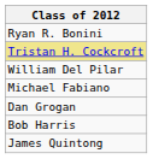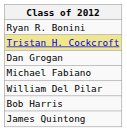 <table class="wikitable" border="1">
 <tr>
 <th>Class of 2012</th>
 </tr>
 <tr>
 <td>Ryan R. Bonini</td>
 </tr>
 <tr>
 <td style="background: khaki;"><a href='#'>Tristan H. Cockcroft</a></td>
 </tr>
 <tr>
-<td>William Del Pilar</td>
+<td>Dan Grogan</td>
 </tr>
 <tr>
 <td>Michael Fabiano</td>
 </tr>
 <tr>
-<td>Dan Grogan</td>
+<td>William Del Pilar</td>
 </tr>
 <tr>
 <td>Bob Harris</td>
 </tr>
 <tr>
 <td>James Quintong</td>
 </tr>
 </table>
